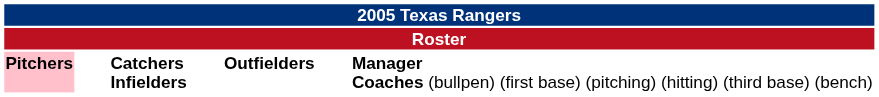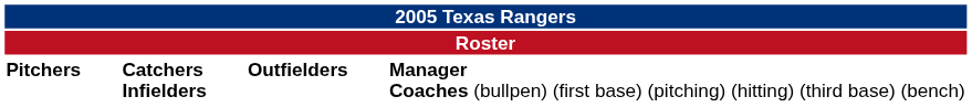 <table class="toccolours" style="font-size: 95%;">
 <tr>
 <th colspan="10" style="background-color: #003279; color: #FFFFFF; text-align: center;">2005 Texas Rangers</th>
 </tr>
 <tr>
 <td colspan="10" style="background-color: #bd1021; color: white; text-align: center;"><strong>Roster</strong></td>
 </tr>
 <tr>
-<td valign="top" style="background: pink;"><strong>Pitchers</strong><br>                              </td>
+<td valign="top"><strong>Pitchers</strong><br>                              </td>
 <td width="25px"></td>
 <td valign="top"><strong>Catchers</strong><br>   <strong>Infielders</strong>        </td>
 <td width="25px"></td>
 <td valign="top"><strong>Outfielders</strong><br>        </td>
 <td width="25px"></td>
 <td valign="top"><strong>Manager</strong><br> <strong>Coaches</strong>  (bullpen)  (first base)  (pitching)  (hitting)  (third base)  (bench)</td>
 </tr>
 </table>
